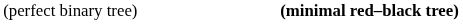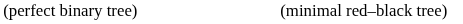 <table>
 <tr>
 <td style="width:1.0em;"></td>
 <td style="text-align:right;"></td>
 <td style="width:8em;text-align:center"></td>
 <td></td>
 <td style="width:12em;text-align:right"></td>
 </tr>
 <tr>
 <td></td>
 <td>(perfect binary tree)</td>
 <td></td>
-<td style="text-align:left;"><strong>(minimal red–black tree)</strong></td>
+<td style="text-align:left;">(minimal red–black tree)</td>
 </tr>
 </table>
